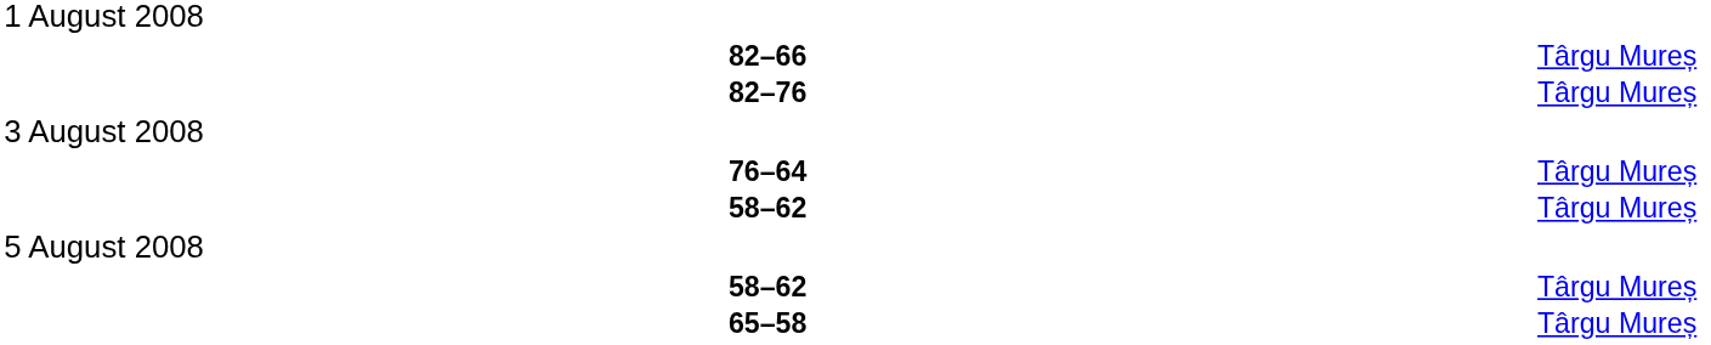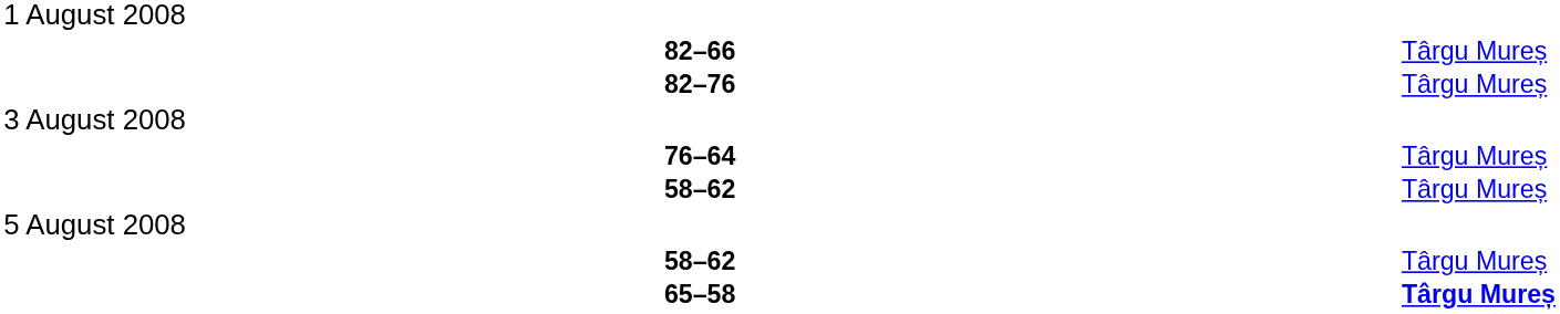 <table style="width:100%;" cellspacing="1">
 <tr>
 <th width=25%></th>
 <th width=3%></th>
 <th width=6%></th>
 <th width=3%></th>
 <th width=25%></th>
 </tr>
 <tr>
 <td>1 August 2008</td>
 </tr>
 <tr style=font-size:90%>
 <td align=right><strong></strong></td>
 <td></td>
 <td align=center><strong>82–66</strong></td>
 <td></td>
 <td><strong></strong></td>
 <td><a href='#'>Târgu Mureș</a></td>
 </tr>
 <tr style=font-size:90%>
 <td align=right><strong></strong></td>
 <td></td>
 <td align=center><strong>82–76</strong></td>
 <td></td>
 <td><strong></strong></td>
 <td><a href='#'>Târgu Mureș</a></td>
 </tr>
 <tr>
 <td>3 August 2008</td>
 </tr>
 <tr style=font-size:90%>
 <td align=right><strong></strong></td>
 <td></td>
 <td align=center><strong>76–64</strong></td>
 <td></td>
 <td><strong></strong></td>
 <td><a href='#'>Târgu Mureș</a></td>
 </tr>
 <tr style=font-size:90%>
 <td align=right><strong></strong></td>
 <td></td>
 <td align=center><strong>58–62</strong></td>
 <td></td>
 <td><strong></strong></td>
 <td><a href='#'>Târgu Mureș</a></td>
 </tr>
 <tr>
 <td>5 August 2008</td>
 </tr>
 <tr style=font-size:90%>
 <td align=right><strong></strong></td>
 <td></td>
 <td align=center><strong>58–62</strong></td>
 <td></td>
 <td><strong></strong></td>
 <td><a href='#'>Târgu Mureș</a></td>
 </tr>
 <tr style=font-size:90%>
 <td align=right><strong></strong></td>
 <td></td>
 <td align=center><strong>65–58</strong></td>
 <td></td>
 <td><strong></strong></td>
-<td><a href='#'>Târgu Mureș</a></td>
+<td><strong><a href='#'>Târgu Mureș</a></strong></td>
 </tr>
 </table>
